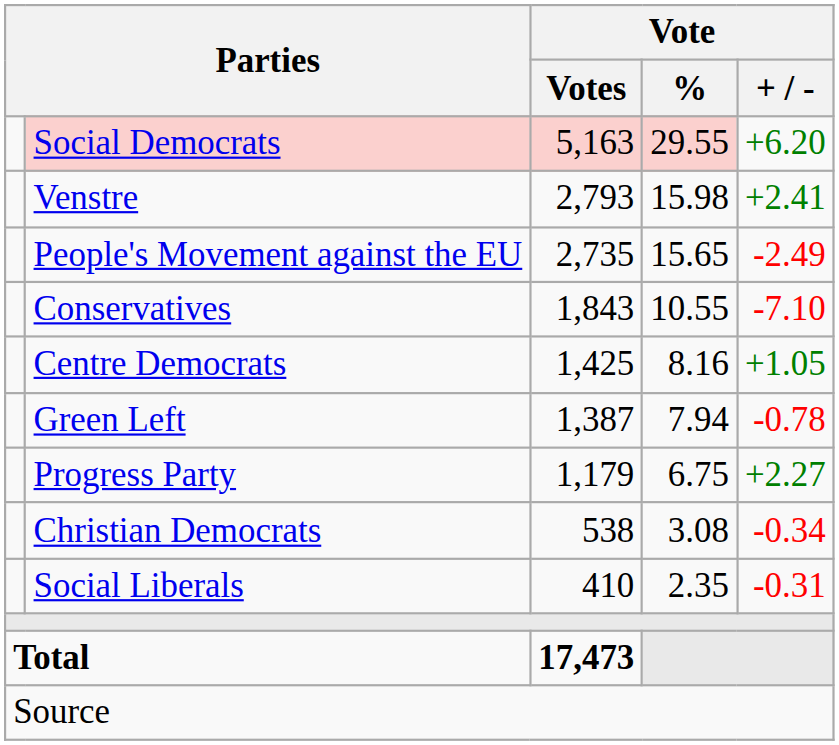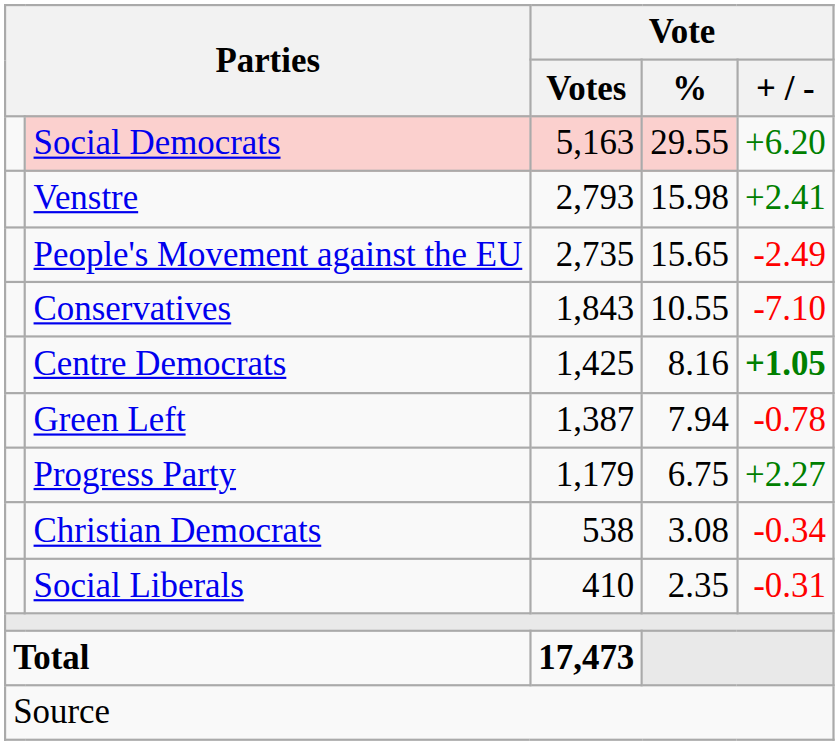 <table class="wikitable" style="text-align:right;">
 <tr>
 <th style="text-align:centre;" rowspan="2" colspan="2" width="225">Parties</th>
 <th colspan="3">Vote</th>
 </tr>
 <tr>
 <th width="15">Votes</th>
 <th width="15">%</th>
 <th width="15">+ / -</th>
 </tr>
 <tr>
 <td width="2" style="color:inherit;background:"></td>
 <td bgcolor=#fbd0ce   align="left"><a href='#'>Social Democrats</a></td>
 <td bgcolor=#fbd0ce>5,163</td>
 <td bgcolor=#fbd0ce>29.55</td>
 <td style=color:green;>+6.20</td>
 </tr>
 <tr>
 <td width="2" style="color:inherit;background:"></td>
 <td align="left"><a href='#'>Venstre</a></td>
 <td>2,793</td>
 <td>15.98</td>
 <td style=color:green;>+2.41</td>
 </tr>
 <tr>
 <td width="2" style="color:inherit;background:"></td>
 <td align="left"><a href='#'>People's Movement against the EU</a></td>
 <td>2,735</td>
 <td>15.65</td>
 <td style=color:red;>-2.49</td>
 </tr>
 <tr>
 <td width="2" style="color:inherit;background:"></td>
 <td align="left"><a href='#'>Conservatives</a></td>
 <td>1,843</td>
 <td>10.55</td>
 <td style=color:red;>-7.10</td>
 </tr>
 <tr>
 <td width="2" style="color:inherit;background:"></td>
 <td align="left"><a href='#'>Centre Democrats</a></td>
 <td>1,425</td>
 <td>8.16</td>
-<td style=color:green;>+1.05</td>
+<td style=color:green;><strong>+1.05</strong></td>
 </tr>
 <tr>
 <td width="2" style="color:inherit;background:"></td>
 <td align="left"><a href='#'>Green Left</a></td>
 <td>1,387</td>
 <td>7.94</td>
 <td style=color:red;>-0.78</td>
 </tr>
 <tr>
 <td width="2" style="color:inherit;background:"></td>
 <td align="left"><a href='#'>Progress Party</a></td>
 <td>1,179</td>
 <td>6.75</td>
 <td style=color:green;>+2.27</td>
 </tr>
 <tr>
 <td width="2" style="color:inherit;background:"></td>
 <td align="left"><a href='#'>Christian Democrats</a></td>
 <td>538</td>
 <td>3.08</td>
 <td style=color:red;>-0.34</td>
 </tr>
 <tr>
 <td width="2" style="color:inherit;background:"></td>
 <td align="left"><a href='#'>Social Liberals</a></td>
 <td>410</td>
 <td>2.35</td>
 <td style=color:red;>-0.31</td>
 </tr>
 <tr>
 <td colspan="7" bgcolor="#E9E9E9"></td>
 </tr>
 <tr>
 <td align="left" colspan="2"><strong>Total</strong></td>
 <td><strong>17,473</strong></td>
 <td bgcolor="#E9E9E9" colspan="2"></td>
 </tr>
 <tr>
 <td align="left" colspan="6">Source</td>
 </tr>
 </table>
